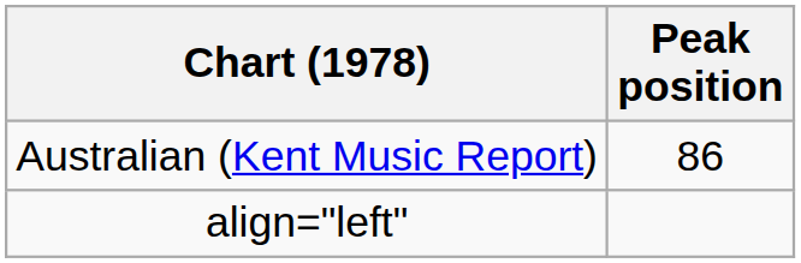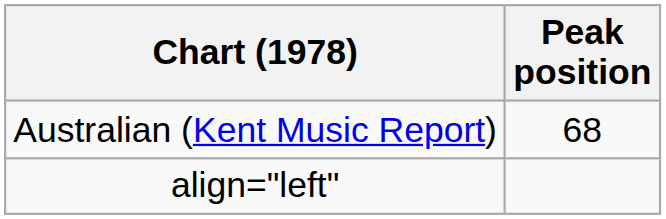 <table class="wikitable sortable plainrowheaders" style="text-align:center">
 <tr>
 <th>Chart (1978)</th>
 <th>Peak<br>position</th>
 </tr>
 <tr>
 <td>Australian (<a href='#'>Kent Music Report</a>)</td>
-<td>86</td>
+<td>68</td>
 </tr>
 <tr>
 <td>align="left"</td>
 </tr>
 </table>
